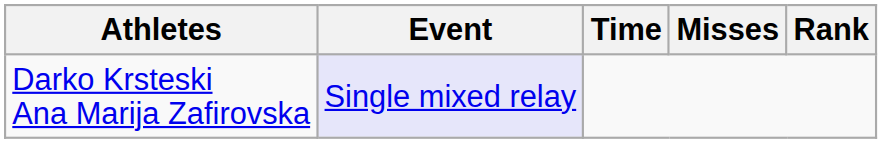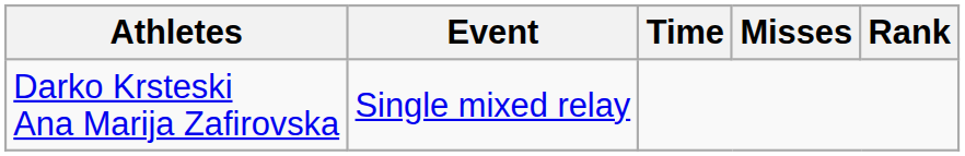 <table class="wikitable" style="font-size:90%">
 <tr>
 <th>Athletes</th>
 <th>Event</th>
 <th>Time</th>
 <th>Misses</th>
 <th>Rank</th>
 </tr>
 <tr align=center>
 <td align=left><a href='#'> Darko Krsteski</a><br><a href='#'>Ana Marija Zafirovska</a></td>
-<td align=left style="background: lavender;"><a href='#'>Single mixed relay</a></td>
+<td align=left><a href='#'>Single mixed relay</a></td>
 <td colspan=3></td>
 </tr>
 </table>
